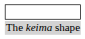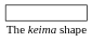 <table style="margin:1em;float: right">
 <tr>
 <td style="border: solid thin; padding: 1px"><br></td>
 </tr>
 <tr>
-<td style="background: lightgrey; text-align:center">The <em>keima</em> shape</td>
+<td style="text-align:center">The <em>keima</em> shape</td>
 </tr>
 </table>
